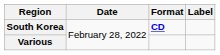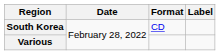 <table class="wikitable plainrowheaders">
 <tr>
 <th scope="col">Region</th>
 <th scope="col">Date</th>
 <th scope="col">Format</th>
 <th scope="col">Label</th>
 </tr>
 <tr>
 <th scope="row">South Korea</th>
 <td rowspan="2">February 28, 2022</td>
-<td><strong><a href='#'>CD</a></strong></td>
+<td><a href='#'>CD</a></td>
 <td></td>
 </tr>
 <tr>
 <th scope="row">Various </th>
 <td></td>
 <td></td>
 </tr>
 </table>
